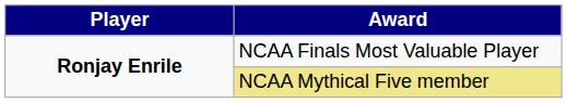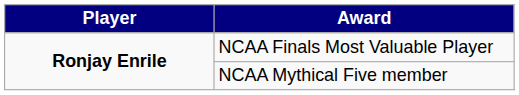 <table class="wikitable" style="text-align: left">
 <tr>
 <th style="color: white; background-color: #020080; width:180px">Player</th>
 <th style="color: white; background-color: #020080; width:260px">Award</th>
 </tr>
 <tr>
 <td rowspan="2" style="text-align:center;"><strong>Ronjay Enrile</strong></td>
 <td>NCAA Finals Most Valuable Player</td>
 </tr>
 <tr>
-<td style="background: khaki;">NCAA Mythical Five member</td>
+<td>NCAA Mythical Five member</td>
 </tr>
 </table>
